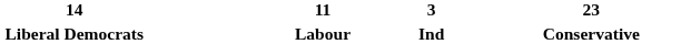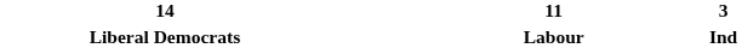 <table style="width:60%; text-align:center;">
 <tr style="colour:white;">
 <td style="background:"><strong>14</strong></td>
 <td style="background:"><strong>11</strong></td>
 <td style="background:"><strong>3</strong></td>
-<td style="background:"><strong>23</strong></td>
 </tr>
 <tr>
 <td><span><strong>Liberal Democrats</strong></span></td>
 <td><span><strong>Labour</strong></span></td>
 <td><span><strong>Ind</strong></span></td>
-<td><span><strong>Conservative</strong></span></td>
 </tr>
 </table>
